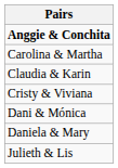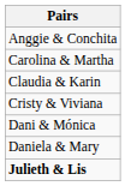 <table class="wikitable">
 <tr>
 <th>Pairs</th>
 </tr>
 <tr>
-<td><strong>Anggie & Conchita</strong></td>
+<td>Anggie & Conchita</td>
 </tr>
 <tr>
 <td>Carolina & Martha</td>
 </tr>
 <tr>
 <td>Claudia & Karin</td>
 </tr>
 <tr>
 <td>Cristy & Viviana</td>
 </tr>
 <tr>
 <td>Dani & Mónica</td>
 </tr>
 <tr>
 <td>Daniela & Mary</td>
 </tr>
 <tr>
-<td>Julieth & Lis</td>
+<td><strong>Julieth & Lis</strong></td>
 </tr>
 </table>
